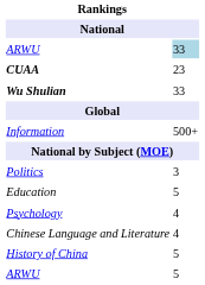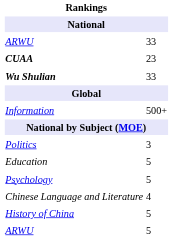 <table class="toccolours" style="float:right; margin-right:1em; font-size:90%; line-height:1.4em;">
 <tr>
 <th colspan="2" style="text-align: center;"><strong>Rankings</strong></th>
 </tr>
 <tr>
 <th colspan="2" style="background:lavender;">National</th>
 </tr>
 <tr>
 <td><em><a href='#'>ARWU</a></em></td>
-<td style="background: lightblue;">33</td>
+<td>33</td>
 </tr>
 <tr>
 <td><strong><em>CUAA</em></strong></td>
 <td>23</td>
 </tr>
 <tr>
 <td><strong><em>Wu Shulian</em></strong></td>
 <td>33</td>
 </tr>
 <tr>
 <th colspan="2" style="background:lavender;">Global</th>
 </tr>
 <tr>
 <td><em><a href='#'>Information</a></em></td>
 <td>500+</td>
 </tr>
 <tr>
 <th colspan="2" style="background:lavender;">National by Subject (<a href='#'>MOE</a>)</th>
 </tr>
 <tr>
 <td><em><a href='#'>Politics</a></em></td>
 <td>3</td>
 </tr>
 <tr>
 <td><em>Education</em></td>
 <td>5</td>
 </tr>
 <tr>
 <td><em><a href='#'>Psychology</a></em></td>
-<td>4</td>
+<td>5</td>
 </tr>
 <tr>
 <td><em>Chinese Language and Literature</em></td>
 <td>4</td>
 </tr>
 <tr>
 <td><em><a href='#'>History of China</a></em></td>
 <td>5</td>
 </tr>
 <tr>
 <td><em><a href='#'>ARWU</a></em></td>
 <td>5</td>
 </tr>
 </table>
